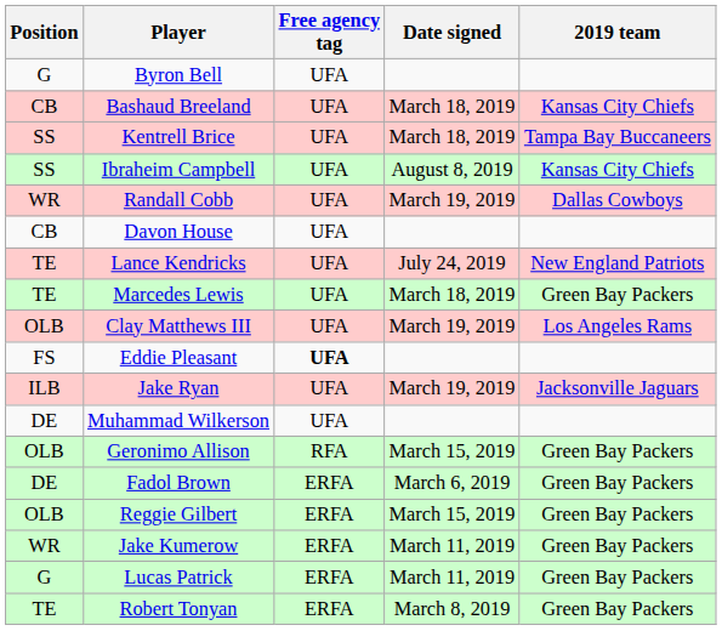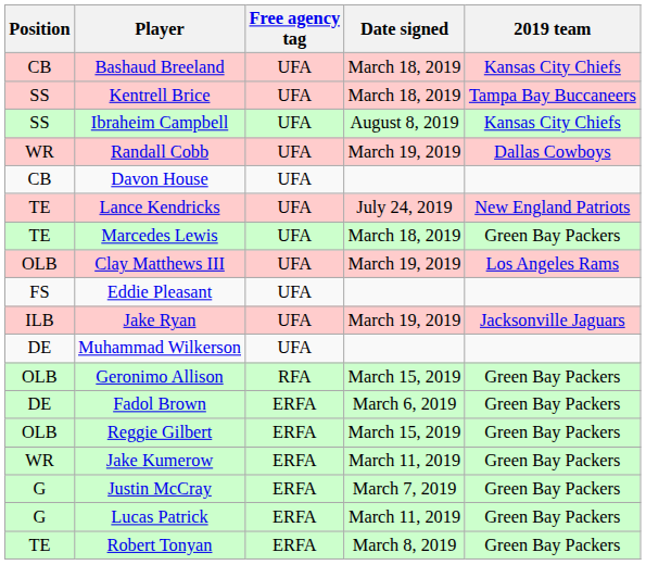 <table class="wikitable" style="text-align:center">
 <tr>
 <th>Position</th>
 <th>Player</th>
 <th><a href='#'><span>Free agency</span></a><br>tag</th>
 <th>Date signed</th>
 <th>2019 team</th>
-</tr>
-<tr>
-<td>G</td>
-<td><a href='#'>Byron Bell</a></td>
-<td>UFA</td>
-<td></td>
-<td></td>
 </tr>
 <tr bgcolor="#ffcccc">
 <td>CB</td>
 <td><a href='#'>Bashaud Breeland</a></td>
 <td>UFA</td>
 <td>March 18, 2019</td>
 <td><a href='#'>Kansas City Chiefs</a></td>
 </tr>
 <tr bgcolor="#ffcccc">
 <td>SS</td>
 <td><a href='#'>Kentrell Brice</a></td>
 <td>UFA</td>
 <td>March 18, 2019</td>
 <td><a href='#'>Tampa Bay Buccaneers</a></td>
 </tr>
 <tr bgcolor="#ccffcc">
 <td>SS</td>
 <td><a href='#'>Ibraheim Campbell</a></td>
 <td>UFA</td>
 <td>August 8, 2019</td>
 <td><a href='#'>Kansas City Chiefs</a></td>
 </tr>
 <tr bgcolor="#ffcccc">
 <td>WR</td>
 <td><a href='#'>Randall Cobb</a></td>
 <td>UFA</td>
 <td>March 19, 2019</td>
 <td><a href='#'>Dallas Cowboys</a></td>
 </tr>
 <tr>
 <td>CB</td>
 <td><a href='#'>Davon House</a></td>
 <td>UFA</td>
 <td></td>
 <td></td>
 </tr>
 <tr bgcolor="#ffcccc">
 <td>TE</td>
 <td><a href='#'>Lance Kendricks</a></td>
 <td>UFA</td>
 <td>July 24, 2019</td>
 <td><a href='#'>New England Patriots</a></td>
 </tr>
 <tr bgcolor="#ccffcc">
 <td>TE</td>
 <td><a href='#'>Marcedes Lewis</a></td>
 <td>UFA</td>
 <td>March 18, 2019</td>
 <td>Green Bay Packers</td>
 </tr>
 <tr bgcolor="#ffcccc">
 <td>OLB</td>
 <td><a href='#'>Clay Matthews III</a></td>
 <td>UFA</td>
 <td>March 19, 2019</td>
 <td><a href='#'>Los Angeles Rams</a></td>
 </tr>
 <tr>
 <td>FS</td>
 <td><a href='#'>Eddie Pleasant</a></td>
-<td><strong>UFA</strong></td>
+<td>UFA</td>
 <td></td>
 <td></td>
 </tr>
 <tr bgcolor="#ffcccc">
 <td>ILB</td>
 <td><a href='#'>Jake Ryan</a></td>
 <td>UFA</td>
 <td>March 19, 2019</td>
 <td><a href='#'>Jacksonville Jaguars</a></td>
 </tr>
 <tr>
 <td>DE</td>
 <td><a href='#'>Muhammad Wilkerson</a></td>
 <td>UFA</td>
 <td></td>
 <td></td>
 </tr>
 <tr bgcolor="#ccffcc">
 <td>OLB</td>
 <td><a href='#'>Geronimo Allison</a></td>
 <td>RFA</td>
 <td>March 15, 2019</td>
 <td>Green Bay Packers</td>
 </tr>
 <tr bgcolor="#ccffcc">
 <td>DE</td>
 <td><a href='#'>Fadol Brown</a></td>
 <td>ERFA</td>
 <td>March 6, 2019</td>
 <td>Green Bay Packers</td>
 </tr>
 <tr bgcolor="#ccffcc">
 <td>OLB</td>
 <td><a href='#'>Reggie Gilbert</a></td>
 <td>ERFA</td>
 <td>March 15, 2019</td>
 <td>Green Bay Packers</td>
 </tr>
 <tr bgcolor="#ccffcc">
 <td>WR</td>
 <td><a href='#'>Jake Kumerow</a></td>
 <td>ERFA</td>
 <td>March 11, 2019</td>
 <td>Green Bay Packers</td>
 </tr>
 <tr bgcolor="#ccffcc">
 <td>G</td>
+<td><a href='#'>Justin McCray</a></td>
+<td>ERFA</td>
+<td>March 7, 2019</td>
+<td>Green Bay Packers</td>
+</tr>
+<tr bgcolor="#ccffcc">
+<td>G</td>
 <td><a href='#'>Lucas Patrick</a></td>
 <td>ERFA</td>
 <td>March 11, 2019</td>
 <td>Green Bay Packers</td>
 </tr>
 <tr bgcolor="#ccffcc">
 <td>TE</td>
 <td><a href='#'>Robert Tonyan</a></td>
 <td>ERFA</td>
 <td>March 8, 2019</td>
 <td>Green Bay Packers</td>
 </tr>
 </table>
